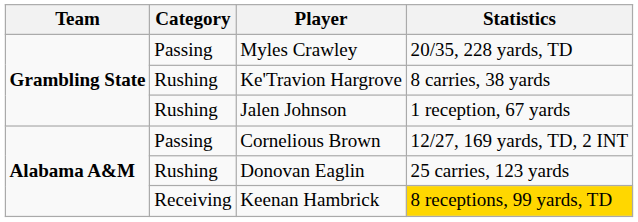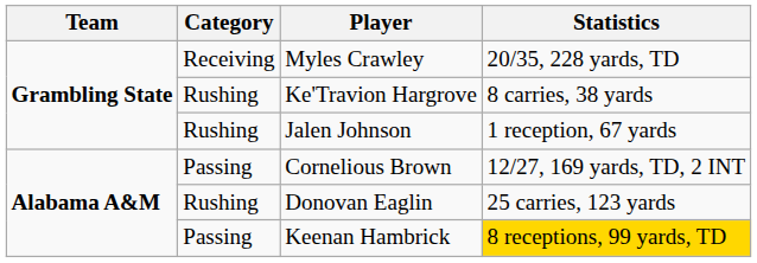 <table class="wikitable" style="float: right;">
 <tr>
 <th>Team</th>
 <th>Category</th>
 <th>Player</th>
 <th>Statistics</th>
 </tr>
 <tr>
 <td rowspan=3><strong>Grambling State</strong></td>
-<td>Passing</td>
+<td>Receiving</td>
 <td>Myles Crawley</td>
 <td>20/35, 228 yards, TD</td>
 </tr>
 <tr>
 <td>Rushing</td>
 <td>Ke'Travion Hargrove</td>
 <td>8 carries, 38 yards</td>
 </tr>
 <tr>
 <td>Rushing</td>
 <td>Jalen Johnson</td>
 <td>1 reception, 67 yards</td>
 </tr>
 <tr>
 <td rowspan=3><strong>Alabama A&M</strong></td>
 <td>Passing</td>
 <td>Cornelious Brown</td>
 <td>12/27, 169 yards, TD, 2 INT</td>
 </tr>
 <tr>
 <td>Rushing</td>
 <td>Donovan Eaglin</td>
 <td>25 carries, 123 yards</td>
 </tr>
 <tr>
-<td>Receiving</td>
+<td>Passing</td>
 <td>Keenan Hambrick</td>
 <td style="background: gold;">8 receptions, 99 yards, TD</td>
 </tr>
 </table>
